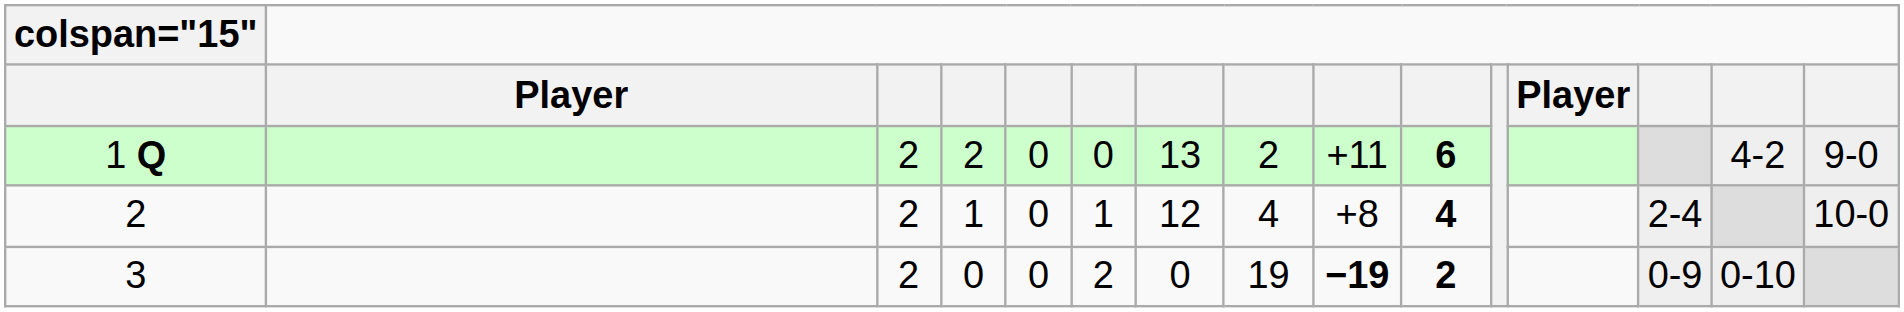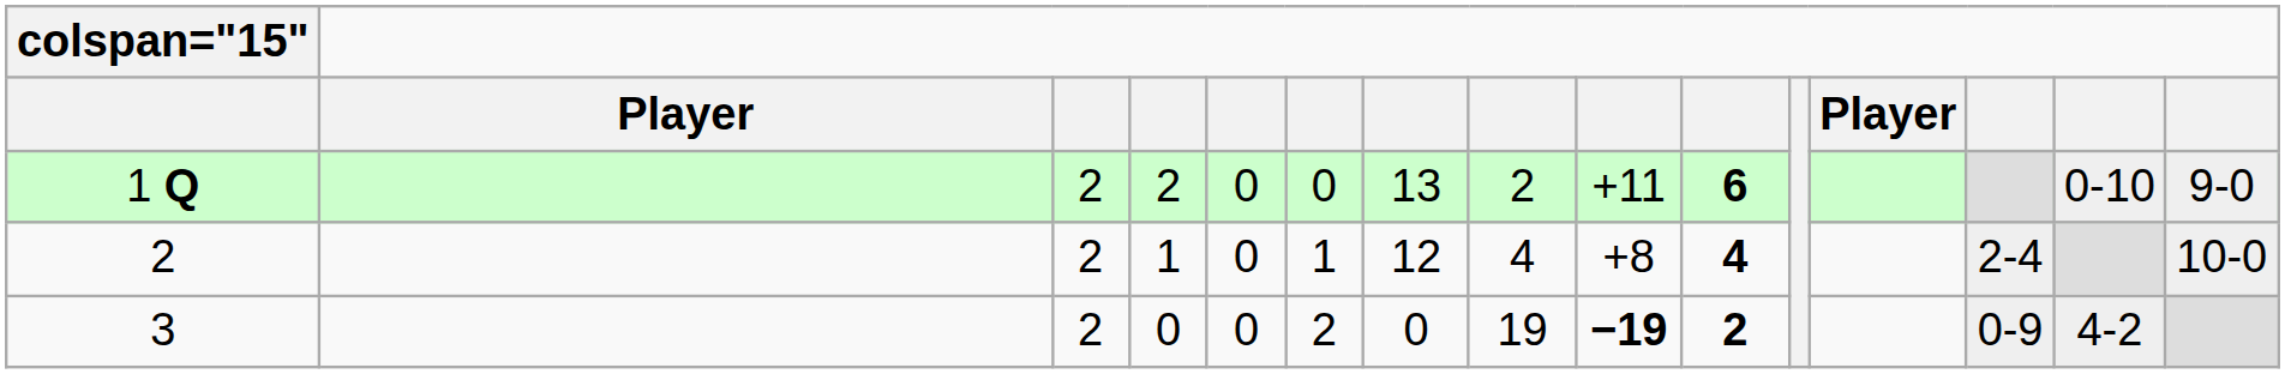 <table class=wikitable style=text-align:center>
 <tr>
 <th>colspan="15" </th>
 </tr>
 <tr>
 <th width=20 abbr=Position></th>
 <th width=250>Player</th>
 <th width=20 abbr=Played></th>
 <th width=20 abbr=Won></th>
 <th width=20 abbr=Drawn></th>
 <th width=20 abbr=Lost></th>
 <th width=30 abbr=Points for></th>
 <th width=30 abbr=Points against></th>
 <th width=30 abbr=Points difference></th>
 <th width=30 abbr=Points></th>
 <th rowspan="4" abbr=H2H></th>
 <th>Player</th>
 <th></th>
 <th></th>
 <th></th>
 </tr>
 <tr bgcolor=#CCFFCC>
 <td>1 <strong>Q</strong></td>
 <td align=left><strong></strong></td>
 <td>2</td>
 <td>2</td>
 <td>0</td>
 <td>0</td>
 <td>13</td>
 <td>2</td>
 <td>+11</td>
 <td><strong>6</strong></td>
 <td></td>
 <td bgcolor="#dddddd"> </td>
-<td bgcolor="#efefef">4-2</td>
+<td bgcolor="#efefef">0-10</td>
 <td bgcolor="#efefef">9-0</td>
 </tr>
 <tr>
 <td>2  </td>
 <td align=left><strong></strong></td>
 <td>2</td>
 <td>1</td>
 <td>0</td>
 <td>1</td>
 <td>12</td>
 <td>4</td>
 <td>+8</td>
 <td><strong>4</strong></td>
 <td></td>
 <td bgcolor="#efefef">2-4</td>
 <td bgcolor="#dddddd"> </td>
 <td bgcolor="#efefef">10-0</td>
 </tr>
 <tr>
 <td>3 </td>
 <td align=left></td>
 <td>2</td>
 <td>0</td>
 <td>0</td>
 <td>2</td>
 <td>0</td>
 <td>19</td>
 <td><strong>−19</strong></td>
 <td><strong>2</strong></td>
 <td></td>
 <td bgcolor="#efefef">0-9</td>
-<td bgcolor="#efefef">0-10</td>
+<td bgcolor="#efefef">4-2</td>
 <td bgcolor="#dddddd"> </td>
 </tr>
 </table>
